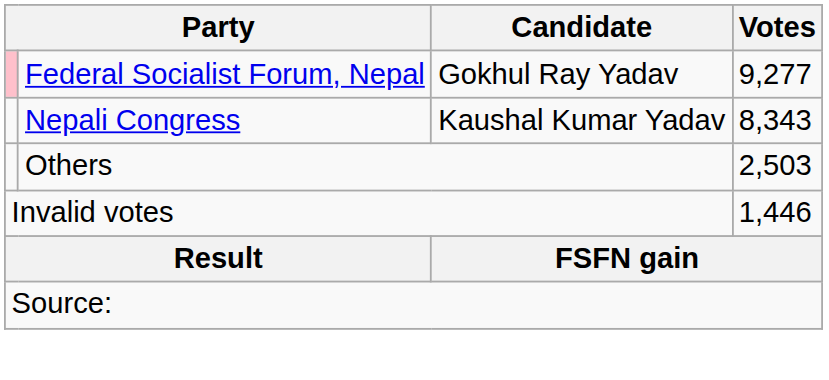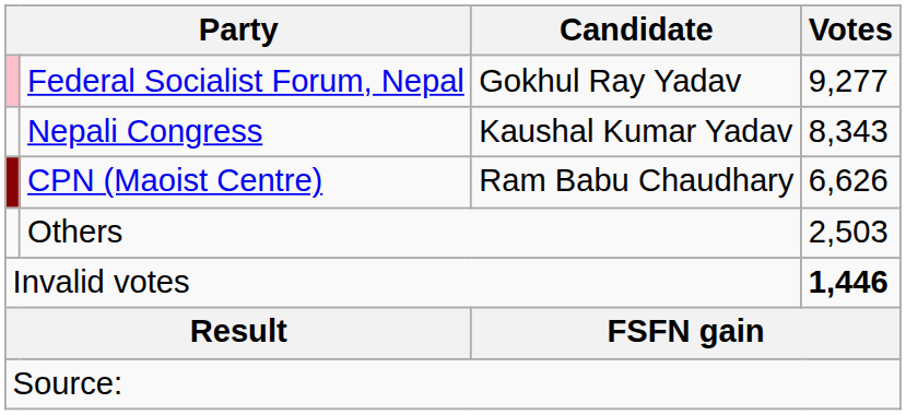 <table class="wikitable">
 <tr>
 <th colspan="2">Party</th>
 <th>Candidate</th>
 <th>Votes</th>
 </tr>
 <tr>
 <td style="background-color:pink"></td>
 <td><a href='#'>Federal Socialist Forum, Nepal</a></td>
 <td>Gokhul Ray Yadav</td>
 <td>9,277</td>
 </tr>
 <tr>
 <td style="background-color:"></td>
 <td><a href='#'>Nepali Congress</a></td>
 <td>Kaushal Kumar Yadav</td>
 <td>8,343</td>
 </tr>
 <tr>
+<td style="background-color:darkred"></td>
+<td><a href='#'>CPN (Maoist Centre)</a></td>
+<td>Ram Babu Chaudhary</td>
+<td>6,626</td>
+</tr>
+<tr>
 <td></td>
 <td colspan="2">Others</td>
 <td>2,503</td>
 </tr>
 <tr>
 <td colspan="3">Invalid votes</td>
-<td>1,446</td>
+<td><strong>1,446</strong></td>
 </tr>
 <tr>
 <th colspan="2">Result</th>
 <th colspan="2">FSFN gain</th>
 </tr>
 <tr>
 <td colspan="4">Source: </td>
 </tr>
 </table>
